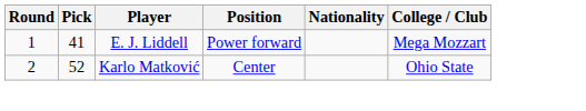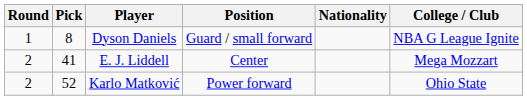 <table class="wikitable sortable sortable">
 <tr>
 <th style="background:#">Round</th>
 <th style="background:#">Pick</th>
 <th style="background:#">Player</th>
 <th style="background:#">Position</th>
 <th style="background:#">Nationality</th>
 <th style="background:#">College / Club</th>
 </tr>
 <tr style="text-align: center">
 <td>1</td>
+<td>8</td>
+<td><a href='#'>Dyson Daniels</a></td>
+<td><a href='#'>Guard</a> / <a href='#'>small forward</a></td>
+<td></td>
+<td><a href='#'>NBA G League Ignite</a></td>
+</tr>
+<tr style="text-align: center">
+<td>2</td>
 <td>41</td>
 <td><a href='#'>E. J. Liddell</a></td>
-<td><a href='#'>Power forward</a></td>
+<td><a href='#'>Center</a></td>
 <td></td>
 <td><a href='#'>Mega Mozzart</a> </td>
 </tr>
 <tr style="text-align: center">
 <td>2</td>
 <td>52</td>
 <td><a href='#'>Karlo Matković</a></td>
-<td><a href='#'>Center</a></td>
+<td><a href='#'>Power forward</a></td>
 <td><br></td>
 <td><a href='#'>Ohio State</a> </td>
 </tr>
 </table>
